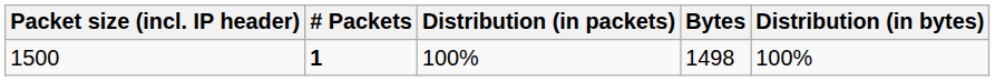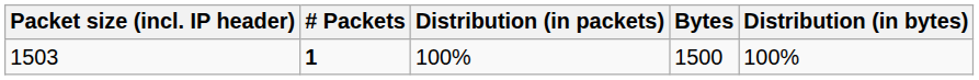 <table class="wikitable" border="1">
 <tr>
 <th>Packet size (incl. IP header)</th>
 <th># Packets</th>
 <th>Distribution (in packets)</th>
 <th>Bytes</th>
 <th>Distribution (in bytes)</th>
 </tr>
 <tr>
-<td>1500</td>
+<td>1503</td>
 <td><strong>1</strong></td>
 <td>100%</td>
-<td>1498</td>
+<td>1500</td>
 <td>100%</td>
 </tr>
 </table>
